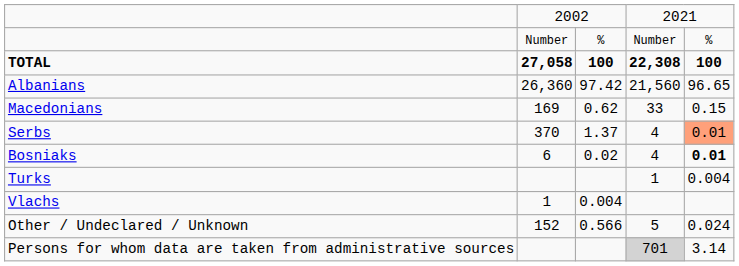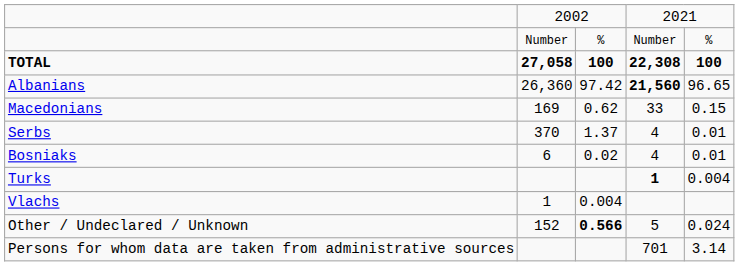 <table class="wikitable">
 <tr>
 <td></td>
 <td colspan="2" align="center">2002</td>
 <td colspan="2" align="center">2021</td>
 </tr>
 <tr>
 <td></td>
 <td align="center"><small>Number</small></td>
 <td align="center"><small>%</small></td>
 <td align="center"><small>Number</small></td>
 <td align="center"><small>%</small></td>
 </tr>
 <tr>
 <td><strong>TOTAL</strong></td>
 <td align="center"><strong>27,058</strong></td>
 <td align="center"><strong>100</strong></td>
 <td align="center"><strong>22,308</strong></td>
 <td align="center"><strong>100</strong></td>
 </tr>
 <tr>
 <td><a href='#'>Albanians</a></td>
 <td align="center">26,360</td>
 <td align="center">97.42</td>
-<td align="center">21,560</td>
+<td align="center"><strong>21,560</strong></td>
 <td align="center">96.65</td>
 </tr>
 <tr>
 <td><a href='#'>Macedonians</a></td>
 <td align="center">169</td>
 <td align="center">0.62</td>
 <td align="center">33</td>
 <td align="center">0.15</td>
 </tr>
 <tr>
 <td><a href='#'>Serbs</a></td>
 <td align="center">370</td>
 <td align="center">1.37</td>
 <td align="center">4</td>
-<td align="center" style="background: lightsalmon;">0.01</td>
+<td align="center">0.01</td>
 </tr>
 <tr>
 <td><a href='#'>Bosniaks</a></td>
 <td align="center">6</td>
 <td align="center">0.02</td>
 <td align="center">4</td>
-<td align="center"><strong>0.01</strong></td>
+<td align="center">0.01</td>
 </tr>
 <tr>
 <td><a href='#'>Turks</a></td>
 <td align="center"></td>
 <td align="center"></td>
-<td align="center">1</td>
+<td align="center"><strong>1</strong></td>
 <td align="center">0.004</td>
 </tr>
 <tr>
 <td><a href='#'>Vlachs</a></td>
 <td align="center">1</td>
 <td align="center">0.004</td>
 <td align="center"></td>
 <td align="center"></td>
 </tr>
 <tr>
 <td>Other / Undeclared / Unknown</td>
 <td align="center">152</td>
-<td align="center">0.566</td>
+<td align="center"><strong>0.566</strong></td>
 <td align="center">5</td>
 <td align="center">0.024</td>
 </tr>
 <tr>
 <td>Persons for whom data are taken from administrative sources</td>
 <td align="center"></td>
 <td align="center"></td>
-<td align="center" style="background: lightgrey;">701</td>
+<td align="center">701</td>
 <td align="center">3.14</td>
 </tr>
 </table>
